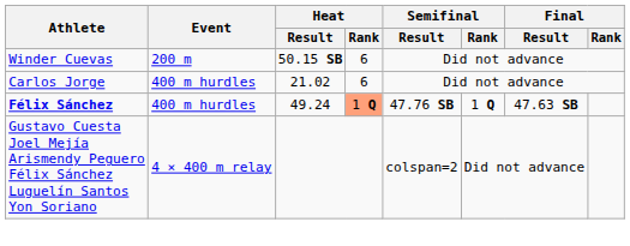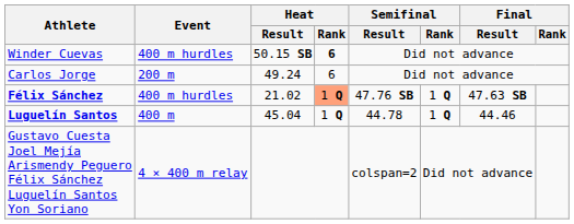 <table class="wikitable" style="font-size:90%">
 <tr>
 <th rowspan="2">Athlete</th>
 <th rowspan="2">Event</th>
 <th colspan="2">Heat</th>
 <th colspan="2">Semifinal</th>
 <th colspan="2">Final</th>
 </tr>
 <tr style="font-size:95%">
 <th>Result</th>
 <th>Rank</th>
 <th>Result</th>
 <th>Rank</th>
 <th>Result</th>
 <th>Rank</th>
 </tr>
 <tr align=center>
 <td align=left><a href='#'>Winder Cuevas</a></td>
-<td align=left><a href='#'>200 m</a></td>
+<td align=left><a href='#'>400 m hurdles</a></td>
 <td>50.15 <strong>SB</strong></td>
-<td>6</td>
+<td><strong>6</strong></td>
 <td colspan=4>Did not advance</td>
 </tr>
 <tr align=center>
 <td align=left><a href='#'>Carlos Jorge</a></td>
-<td align=left><a href='#'>400 m hurdles</a></td>
-<td>21.02</td>
+<td align=left><a href='#'>200 m</a></td>
+<td>49.24</td>
 <td>6</td>
 <td colspan=4>Did not advance</td>
 </tr>
 <tr align=center>
 <td align=left><strong><a href='#'>Félix Sánchez</a></strong></td>
 <td align=left><a href='#'>400 m hurdles</a></td>
-<td>49.24</td>
+<td>21.02</td>
 <td style="background: lightsalmon;">1 <strong>Q</strong></td>
 <td>47.76 <strong>SB</strong></td>
 <td>1 <strong>Q</strong></td>
 <td>47.63 <strong>SB</strong></td>
+<td></td>
+</tr>
+<tr align=center>
+<td align=left><strong><a href='#'>Luguelín Santos</a></strong></td>
+<td align=left><a href='#'>400 m</a></td>
+<td>45.04</td>
+<td>1 <strong>Q</strong></td>
+<td>44.78</td>
+<td>1 <strong>Q</strong></td>
+<td>44.46</td>
 <td></td>
 </tr>
 <tr align=center>
 <td align=left><a href='#'>Gustavo Cuesta</a><br><a href='#'>Joel Mejía</a><br><a href='#'>Arismendy Peguero</a><br><a href='#'>Félix Sánchez</a><br><a href='#'>Luguelín Santos</a><br><a href='#'>Yon Soriano</a></td>
 <td align=left><a href='#'>4 × 400 m relay</a></td>
 <td colspan=2></td>
 <td>colspan=2 </td>
 <td colspan=2>Did not advance</td>
 </tr>
 </table>
